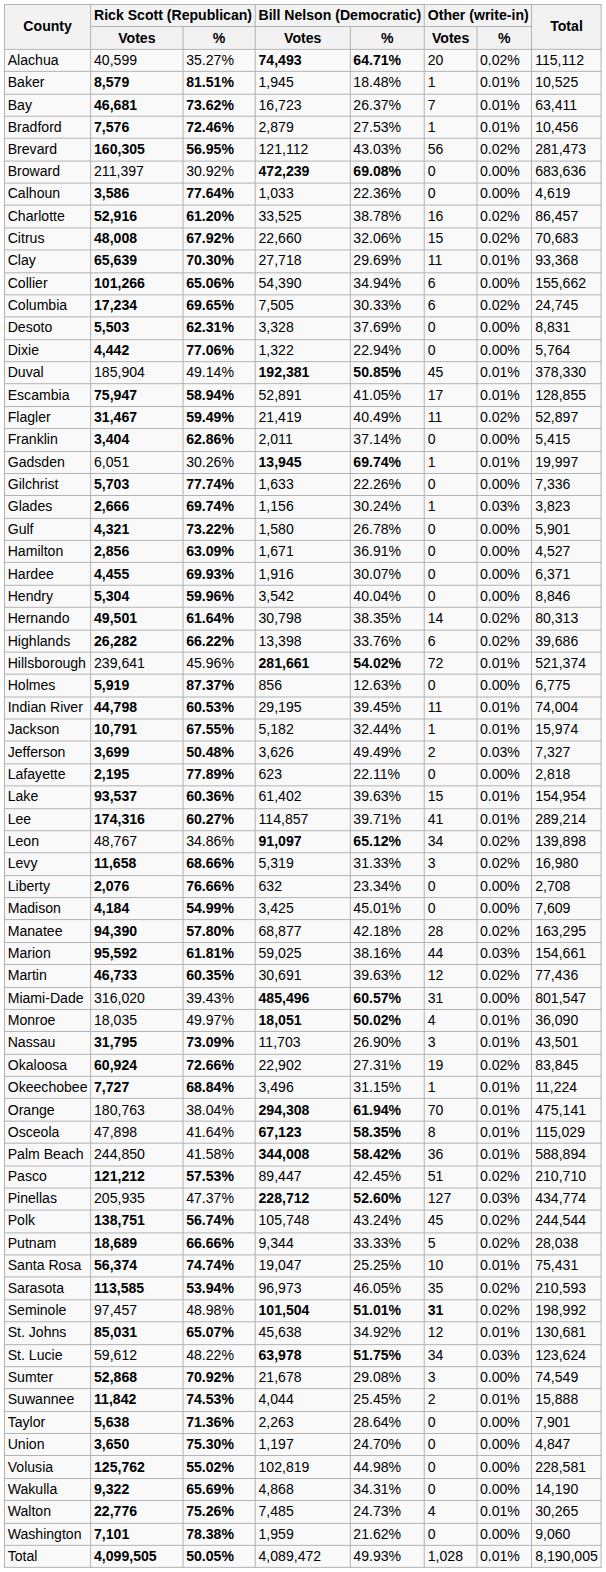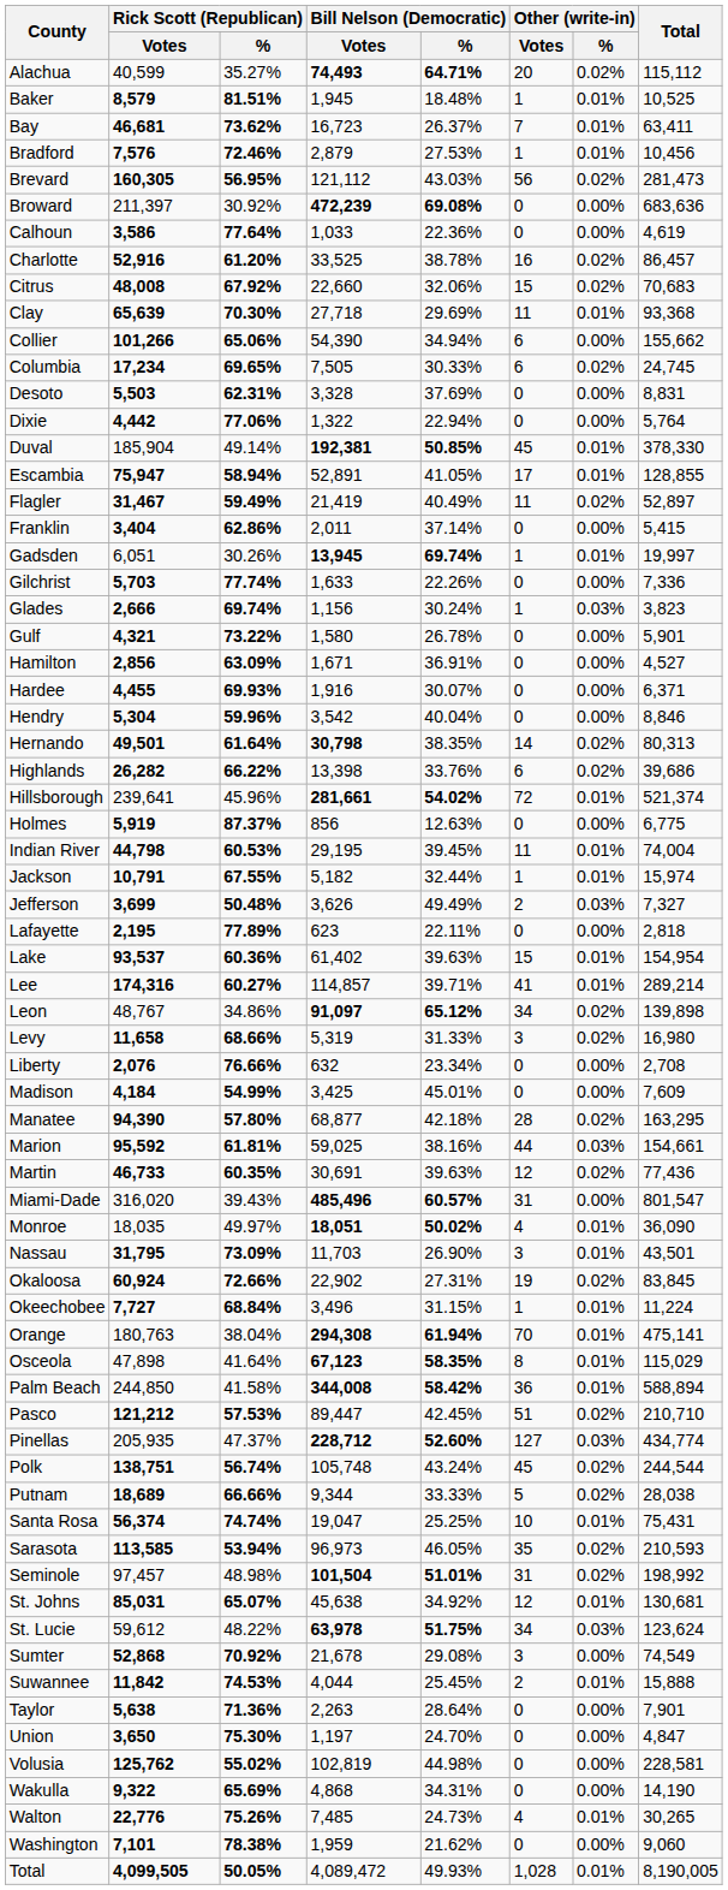 <table class="wikitable sortable">
 <tr>
 <th rowspan="2">County</th>
 <th colspan="2">Rick Scott (Republican)</th>
 <th colspan="2">Bill Nelson (Democratic)</th>
 <th colspan="2">Other (write-in)</th>
 <th rowspan="2">Total</th>
 </tr>
 <tr>
 <th>Votes</th>
 <th>%</th>
 <th>Votes</th>
 <th>%</th>
 <th>Votes</th>
 <th>%</th>
 </tr>
 <tr>
 <td>Alachua</td>
 <td>40,599</td>
 <td>35.27%</td>
 <td><strong>              74,493</strong></td>
 <td><strong>64.71%</strong></td>
 <td>20</td>
 <td>0.02%</td>
 <td>115,112</td>
 </tr>
 <tr>
 <td>Baker</td>
 <td><strong>            8,579</strong></td>
 <td><strong>81.51%</strong></td>
 <td>1,945</td>
 <td>18.48%</td>
 <td>1</td>
 <td>0.01%</td>
 <td>10,525</td>
 </tr>
 <tr>
 <td>Bay</td>
 <td><strong>          46,681</strong></td>
 <td><strong>73.62%</strong></td>
 <td>16,723</td>
 <td>26.37%</td>
 <td>7</td>
 <td>0.01%</td>
 <td>63,411</td>
 </tr>
 <tr>
 <td>Bradford</td>
 <td><strong>            7,576</strong></td>
 <td><strong>72.46%</strong></td>
 <td>2,879</td>
 <td>27.53%</td>
 <td>1</td>
 <td>0.01%</td>
 <td>10,456</td>
 </tr>
 <tr>
 <td>Brevard</td>
 <td><strong>        160,305</strong></td>
 <td><strong>56.95%</strong></td>
 <td>121,112</td>
 <td>43.03%</td>
 <td>56</td>
 <td>0.02%</td>
 <td>281,473</td>
 </tr>
 <tr>
 <td>Broward</td>
 <td>211,397</td>
 <td>30.92%</td>
 <td><strong>            472,239</strong></td>
 <td><strong>69.08%</strong></td>
 <td>0</td>
 <td>0.00%</td>
 <td>683,636</td>
 </tr>
 <tr>
 <td>Calhoun</td>
 <td><strong>            3,586</strong></td>
 <td><strong>77.64%</strong></td>
 <td>1,033</td>
 <td>22.36%</td>
 <td>0</td>
 <td>0.00%</td>
 <td>4,619</td>
 </tr>
 <tr>
 <td>Charlotte</td>
 <td><strong>          52,916</strong></td>
 <td><strong>61.20%</strong></td>
 <td>33,525</td>
 <td>38.78%</td>
 <td>16</td>
 <td>0.02%</td>
 <td>86,457</td>
 </tr>
 <tr>
 <td>Citrus</td>
 <td><strong>          48,008</strong></td>
 <td><strong>67.92%</strong></td>
 <td>22,660</td>
 <td>32.06%</td>
 <td>15</td>
 <td>0.02%</td>
 <td>70,683</td>
 </tr>
 <tr>
 <td>Clay</td>
 <td><strong>          65,639</strong></td>
 <td><strong>70.30%</strong></td>
 <td>27,718</td>
 <td>29.69%</td>
 <td>11</td>
 <td>0.01%</td>
 <td>93,368</td>
 </tr>
 <tr>
 <td>Collier</td>
 <td><strong>        101,266</strong></td>
 <td><strong>65.06%</strong></td>
 <td>54,390</td>
 <td>34.94%</td>
 <td>6</td>
 <td>0.00%</td>
 <td>155,662</td>
 </tr>
 <tr>
 <td>Columbia</td>
 <td><strong>          17,234</strong></td>
 <td><strong>69.65%</strong></td>
 <td>7,505</td>
 <td>30.33%</td>
 <td>6</td>
 <td>0.02%</td>
 <td>24,745</td>
 </tr>
 <tr>
 <td>Desoto</td>
 <td><strong>            5,503</strong></td>
 <td><strong>62.31%</strong></td>
 <td>3,328</td>
 <td>37.69%</td>
 <td>0</td>
 <td>0.00%</td>
 <td>8,831</td>
 </tr>
 <tr>
 <td>Dixie</td>
 <td><strong>            4,442</strong></td>
 <td><strong>77.06%</strong></td>
 <td>1,322</td>
 <td>22.94%</td>
 <td>0</td>
 <td>0.00%</td>
 <td>5,764</td>
 </tr>
 <tr>
 <td>Duval</td>
 <td>185,904</td>
 <td>49.14%</td>
 <td><strong>            192,381</strong></td>
 <td><strong>50.85%</strong></td>
 <td>45</td>
 <td>0.01%</td>
 <td>378,330</td>
 </tr>
 <tr>
 <td>Escambia</td>
 <td><strong>          75,947</strong></td>
 <td><strong>58.94%</strong></td>
 <td>52,891</td>
 <td>41.05%</td>
 <td>17</td>
 <td>0.01%</td>
 <td>128,855</td>
 </tr>
 <tr>
 <td>Flagler</td>
 <td><strong>          31,467</strong></td>
 <td><strong>59.49%</strong></td>
 <td>21,419</td>
 <td>40.49%</td>
 <td>11</td>
 <td>0.02%</td>
 <td>52,897</td>
 </tr>
 <tr>
 <td>Franklin</td>
 <td><strong>            3,404</strong></td>
 <td><strong>62.86%</strong></td>
 <td>2,011</td>
 <td>37.14%</td>
 <td>0</td>
 <td>0.00%</td>
 <td>5,415</td>
 </tr>
 <tr>
 <td>Gadsden</td>
 <td>6,051</td>
 <td>30.26%</td>
 <td><strong>              13,945</strong></td>
 <td><strong>69.74%</strong></td>
 <td>1</td>
 <td>0.01%</td>
 <td>19,997</td>
 </tr>
 <tr>
 <td>Gilchrist</td>
 <td><strong>            5,703</strong></td>
 <td><strong>77.74%</strong></td>
 <td>1,633</td>
 <td>22.26%</td>
 <td>0</td>
 <td>0.00%</td>
 <td>7,336</td>
 </tr>
 <tr>
 <td>Glades</td>
 <td><strong>            2,666</strong></td>
 <td><strong>69.74%</strong></td>
 <td>1,156</td>
 <td>30.24%</td>
 <td>1</td>
 <td>0.03%</td>
 <td>3,823</td>
 </tr>
 <tr>
 <td>Gulf</td>
 <td><strong>            4,321</strong></td>
 <td><strong>73.22%</strong></td>
 <td>1,580</td>
 <td>26.78%</td>
 <td>0</td>
 <td>0.00%</td>
 <td>5,901</td>
 </tr>
 <tr>
 <td>Hamilton</td>
 <td><strong>            2,856</strong></td>
 <td><strong>63.09%</strong></td>
 <td>1,671</td>
 <td>36.91%</td>
 <td>0</td>
 <td>0.00%</td>
 <td>4,527</td>
 </tr>
 <tr>
 <td>Hardee</td>
 <td><strong>            4,455</strong></td>
 <td><strong>69.93%</strong></td>
 <td>1,916</td>
 <td>30.07%</td>
 <td>0</td>
 <td>0.00%</td>
 <td>6,371</td>
 </tr>
 <tr>
 <td>Hendry</td>
 <td><strong>            5,304</strong></td>
 <td><strong>59.96%</strong></td>
 <td>3,542</td>
 <td>40.04%</td>
 <td>0</td>
 <td>0.00%</td>
 <td>8,846</td>
 </tr>
 <tr>
 <td>Hernando</td>
 <td><strong>          49,501</strong></td>
 <td><strong>61.64%</strong></td>
-<td>30,798</td>
+<td><strong>30,798</strong></td>
 <td>38.35%</td>
 <td>14</td>
 <td>0.02%</td>
 <td>80,313</td>
 </tr>
 <tr>
 <td>Highlands</td>
 <td><strong>          26,282</strong></td>
 <td><strong>66.22%</strong></td>
 <td>13,398</td>
 <td>33.76%</td>
 <td>6</td>
 <td>0.02%</td>
 <td>39,686</td>
 </tr>
 <tr>
 <td>Hillsborough</td>
 <td>239,641</td>
 <td>45.96%</td>
 <td><strong>            281,661</strong></td>
 <td><strong>54.02%</strong></td>
 <td>72</td>
 <td>0.01%</td>
 <td>521,374</td>
 </tr>
 <tr>
 <td>Holmes</td>
 <td><strong>            5,919</strong></td>
 <td><strong>87.37%</strong></td>
 <td>856</td>
 <td>12.63%</td>
 <td>0</td>
 <td>0.00%</td>
 <td>6,775</td>
 </tr>
 <tr>
 <td>Indian River</td>
 <td><strong>          44,798</strong></td>
 <td><strong>60.53%</strong></td>
 <td>29,195</td>
 <td>39.45%</td>
 <td>11</td>
 <td>0.01%</td>
 <td>74,004</td>
 </tr>
 <tr>
 <td>Jackson</td>
 <td><strong>          10,791</strong></td>
 <td><strong>67.55%</strong></td>
 <td>5,182</td>
 <td>32.44%</td>
 <td>1</td>
 <td>0.01%</td>
 <td>15,974</td>
 </tr>
 <tr>
 <td>Jefferson</td>
 <td><strong>            3,699</strong></td>
 <td><strong>50.48%</strong></td>
 <td>3,626</td>
 <td>49.49%</td>
 <td>2</td>
 <td>0.03%</td>
 <td>7,327</td>
 </tr>
 <tr>
 <td>Lafayette</td>
 <td><strong>            2,195</strong></td>
 <td><strong>77.89%</strong></td>
 <td>623</td>
 <td>22.11%</td>
 <td>0</td>
 <td>0.00%</td>
 <td>2,818</td>
 </tr>
 <tr>
 <td>Lake</td>
 <td><strong>          93,537</strong></td>
 <td><strong>60.36%</strong></td>
 <td>61,402</td>
 <td>39.63%</td>
 <td>15</td>
 <td>0.01%</td>
 <td>154,954</td>
 </tr>
 <tr>
 <td>Lee</td>
 <td><strong>        174,316</strong></td>
 <td><strong>60.27%</strong></td>
 <td>114,857</td>
 <td>39.71%</td>
 <td>41</td>
 <td>0.01%</td>
 <td>289,214</td>
 </tr>
 <tr>
 <td>Leon</td>
 <td>48,767</td>
 <td>34.86%</td>
 <td><strong>              91,097</strong></td>
 <td><strong>65.12%</strong></td>
 <td>34</td>
 <td>0.02%</td>
 <td>139,898</td>
 </tr>
 <tr>
 <td>Levy</td>
 <td><strong>          11,658</strong></td>
 <td><strong>68.66%</strong></td>
 <td>5,319</td>
 <td>31.33%</td>
 <td>3</td>
 <td>0.02%</td>
 <td>16,980</td>
 </tr>
 <tr>
 <td>Liberty</td>
 <td><strong>            2,076</strong></td>
 <td><strong>76.66%</strong></td>
 <td>632</td>
 <td>23.34%</td>
 <td>0</td>
 <td>0.00%</td>
 <td>2,708</td>
 </tr>
 <tr>
 <td>Madison</td>
 <td><strong>            4,184</strong></td>
 <td><strong>54.99%</strong></td>
 <td>3,425</td>
 <td>45.01%</td>
 <td>0</td>
 <td>0.00%</td>
 <td>7,609</td>
 </tr>
 <tr>
 <td>Manatee</td>
 <td><strong>          94,390</strong></td>
 <td><strong>57.80%</strong></td>
 <td>68,877</td>
 <td>42.18%</td>
 <td>28</td>
 <td>0.02%</td>
 <td>163,295</td>
 </tr>
 <tr>
 <td>Marion</td>
 <td><strong>          95,592</strong></td>
 <td><strong>61.81%</strong></td>
 <td>59,025</td>
 <td>38.16%</td>
 <td>44</td>
 <td>0.03%</td>
 <td>154,661</td>
 </tr>
 <tr>
 <td>Martin</td>
 <td><strong>          46,733</strong></td>
 <td><strong>60.35%</strong></td>
 <td>30,691</td>
 <td>39.63%</td>
 <td>12</td>
 <td>0.02%</td>
 <td>77,436</td>
 </tr>
 <tr>
 <td>Miami-Dade</td>
 <td>316,020</td>
 <td>39.43%</td>
 <td><strong>            485,496</strong></td>
 <td><strong>60.57%</strong></td>
 <td>31</td>
 <td>0.00%</td>
 <td>801,547</td>
 </tr>
 <tr>
 <td>Monroe</td>
 <td>18,035</td>
 <td>49.97%</td>
 <td><strong>              18,051</strong></td>
 <td><strong>50.02%</strong></td>
 <td>4</td>
 <td>0.01%</td>
 <td>36,090</td>
 </tr>
 <tr>
 <td>Nassau</td>
 <td><strong>          31,795</strong></td>
 <td><strong>73.09%</strong></td>
 <td>11,703</td>
 <td>26.90%</td>
 <td>3</td>
 <td>0.01%</td>
 <td>43,501</td>
 </tr>
 <tr>
 <td>Okaloosa</td>
 <td><strong>          60,924</strong></td>
 <td><strong>72.66%</strong></td>
 <td>22,902</td>
 <td>27.31%</td>
 <td>19</td>
 <td>0.02%</td>
 <td>83,845</td>
 </tr>
 <tr>
 <td>Okeechobee</td>
 <td><strong>            7,727</strong></td>
 <td><strong>68.84%</strong></td>
 <td>3,496</td>
 <td>31.15%</td>
 <td>1</td>
 <td>0.01%</td>
 <td>11,224</td>
 </tr>
 <tr>
 <td>Orange</td>
 <td>180,763</td>
 <td>38.04%</td>
 <td><strong>            294,308</strong></td>
 <td><strong>61.94%</strong></td>
 <td>70</td>
 <td>0.01%</td>
 <td>475,141</td>
 </tr>
 <tr>
 <td>Osceola</td>
 <td>47,898</td>
 <td>41.64%</td>
 <td><strong>              67,123</strong></td>
 <td><strong>58.35%</strong></td>
 <td>8</td>
 <td>0.01%</td>
 <td>115,029</td>
 </tr>
 <tr>
 <td>Palm Beach</td>
 <td>244,850</td>
 <td>41.58%</td>
 <td><strong>            344,008</strong></td>
 <td><strong>58.42%</strong></td>
 <td>36</td>
 <td>0.01%</td>
 <td>588,894</td>
 </tr>
 <tr>
 <td>Pasco</td>
 <td><strong>        121,212</strong></td>
 <td><strong>57.53%</strong></td>
 <td>89,447</td>
 <td>42.45%</td>
 <td>51</td>
 <td>0.02%</td>
 <td>210,710</td>
 </tr>
 <tr>
 <td>Pinellas</td>
 <td>205,935</td>
 <td>47.37%</td>
 <td><strong>            228,712</strong></td>
 <td><strong>52.60%</strong></td>
 <td>127</td>
 <td>0.03%</td>
 <td>434,774</td>
 </tr>
 <tr>
 <td>Polk</td>
 <td><strong>        138,751</strong></td>
 <td><strong>56.74%</strong></td>
 <td>105,748</td>
 <td>43.24%</td>
 <td>45</td>
 <td>0.02%</td>
 <td>244,544</td>
 </tr>
 <tr>
 <td>Putnam</td>
 <td><strong>          18,689</strong></td>
 <td><strong>66.66%</strong></td>
 <td>9,344</td>
 <td>33.33%</td>
 <td>5</td>
 <td>0.02%</td>
 <td>28,038</td>
 </tr>
 <tr>
 <td>Santa Rosa</td>
 <td><strong>          56,374</strong></td>
 <td><strong>74.74%</strong></td>
 <td>19,047</td>
 <td>25.25%</td>
 <td>10</td>
 <td>0.01%</td>
 <td>75,431</td>
 </tr>
 <tr>
 <td>Sarasota</td>
 <td><strong>        113,585</strong></td>
 <td><strong>53.94%</strong></td>
 <td>96,973</td>
 <td>46.05%</td>
 <td>35</td>
 <td>0.02%</td>
 <td>210,593</td>
 </tr>
 <tr>
 <td>Seminole</td>
 <td>97,457</td>
 <td>48.98%</td>
 <td><strong>            101,504</strong></td>
 <td><strong>51.01%</strong></td>
-<td><strong>31</strong></td>
+<td>31</td>
 <td>0.02%</td>
 <td>198,992</td>
 </tr>
 <tr>
 <td>St. Johns</td>
 <td><strong>          85,031</strong></td>
 <td><strong>65.07%</strong></td>
 <td>45,638</td>
 <td>34.92%</td>
 <td>12</td>
 <td>0.01%</td>
 <td>130,681</td>
 </tr>
 <tr>
 <td>St. Lucie</td>
 <td>59,612</td>
 <td>48.22%</td>
 <td><strong>              63,978</strong></td>
 <td><strong>51.75%</strong></td>
 <td>34</td>
 <td>0.03%</td>
 <td>123,624</td>
 </tr>
 <tr>
 <td>Sumter</td>
 <td><strong>          52,868</strong></td>
 <td><strong>70.92%</strong></td>
 <td>21,678</td>
 <td>29.08%</td>
 <td>3</td>
 <td>0.00%</td>
 <td>74,549</td>
 </tr>
 <tr>
 <td>Suwannee</td>
 <td><strong>          11,842</strong></td>
 <td><strong>74.53%</strong></td>
 <td>4,044</td>
 <td>25.45%</td>
 <td>2</td>
 <td>0.01%</td>
 <td>15,888</td>
 </tr>
 <tr>
 <td>Taylor</td>
 <td><strong>            5,638</strong></td>
 <td><strong>71.36%</strong></td>
 <td>2,263</td>
 <td>28.64%</td>
 <td>0</td>
 <td>0.00%</td>
 <td>7,901</td>
 </tr>
 <tr>
 <td>Union</td>
 <td><strong>            3,650</strong></td>
 <td><strong>75.30%</strong></td>
 <td>1,197</td>
 <td>24.70%</td>
 <td>0</td>
 <td>0.00%</td>
 <td>4,847</td>
 </tr>
 <tr>
 <td>Volusia</td>
 <td><strong>        125,762</strong></td>
 <td><strong>55.02%</strong></td>
 <td>102,819</td>
 <td>44.98%</td>
 <td>0</td>
 <td>0.00%</td>
 <td>228,581</td>
 </tr>
 <tr>
 <td>Wakulla</td>
 <td><strong>            9,322</strong></td>
 <td><strong>65.69%</strong></td>
 <td>4,868</td>
 <td>34.31%</td>
 <td>0</td>
 <td>0.00%</td>
 <td>14,190</td>
 </tr>
 <tr>
 <td>Walton</td>
 <td><strong>          22,776</strong></td>
 <td><strong>75.26%</strong></td>
 <td>7,485</td>
 <td>24.73%</td>
 <td>4</td>
 <td>0.01%</td>
 <td>30,265</td>
 </tr>
 <tr>
 <td>Washington</td>
 <td><strong>            7,101</strong></td>
 <td><strong>78.38%</strong></td>
 <td>1,959</td>
 <td>21.62%</td>
 <td>0</td>
 <td>0.00%</td>
 <td>9,060</td>
 </tr>
 <tr>
 <td>Total</td>
 <td><strong>    4,099,505</strong></td>
 <td><strong>50.05%</strong></td>
 <td>4,089,472</td>
 <td>49.93%</td>
 <td>1,028</td>
 <td>0.01%</td>
 <td>8,190,005</td>
 </tr>
 </table>
